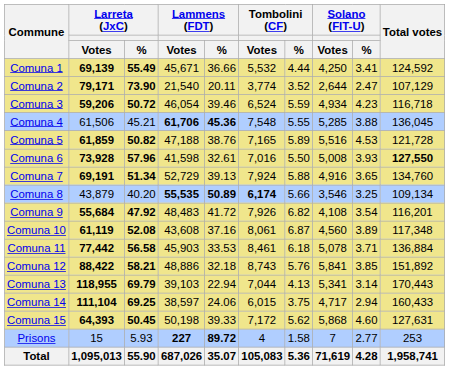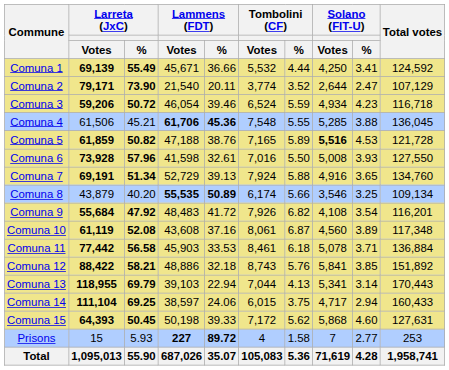 <table class="wikitable sortable" style="text-align: center; font-size: 95%;">
 <tr>
 <th rowspan=3>Commune</th>
 <th colspan=2><a href='#'>Larreta</a><br>(<a href='#'>JxC</a>)</th>
 <th colspan=2><a href='#'>Lammens</a><br>(<a href='#'>FDT</a>)</th>
 <th colspan=2>Tombolini<br>(<a href='#'>CF</a>)</th>
 <th colspan=2><a href='#'>Solano</a><br>(<a href='#'>FIT-U</a>)</th>
 <th rowspan=3>Total votes</th>
 </tr>
 <tr>
 <th colspan=2 style="background:"></th>
 <th colspan=2 style="background:"></th>
 <th colspan=2 style="background:"></th>
 <th colspan=2 style="background:"></th>
 </tr>
 <tr>
 <th>Votes</th>
 <th>%</th>
 <th>Votes</th>
 <th>%</th>
 <th>Votes</th>
 <th>%</th>
 <th>Votes</th>
 <th>%</th>
 </tr>
 <tr bgcolor="khaki">
 <td><a href='#'>Comuna 1</a></td>
 <td><strong>69,139</strong></td>
 <td><strong>55.49</strong></td>
 <td>45,671</td>
 <td>36.66</td>
 <td>5,532</td>
 <td>4.44</td>
 <td>4,250</td>
 <td>3.41</td>
 <td>124,592</td>
 </tr>
 <tr bgcolor="khaki">
 <td><a href='#'>Comuna 2</a></td>
 <td><strong>79,171</strong></td>
 <td><strong>73.90</strong></td>
 <td>21,540</td>
 <td>20.11</td>
 <td>3,774</td>
 <td>3.52</td>
 <td>2,644</td>
 <td>2.47</td>
 <td>107,129</td>
 </tr>
 <tr bgcolor="khaki">
 <td><a href='#'>Comuna 3</a></td>
 <td><strong>59,206</strong></td>
 <td><strong>50.72</strong></td>
 <td>46,054</td>
 <td>39.46</td>
 <td>6,524</td>
 <td>5.59</td>
 <td>4,934</td>
 <td>4.23</td>
 <td>116,718</td>
 </tr>
 <tr bgcolor="#B0CEFF">
 <td><a href='#'>Comuna 4</a></td>
 <td>61,506</td>
 <td>45.21</td>
 <td><strong>61,706</strong></td>
 <td><strong>45.36</strong></td>
 <td>7,548</td>
 <td>5.55</td>
 <td>5,285</td>
 <td>3.88</td>
 <td>136,045</td>
 </tr>
 <tr bgcolor="khaki">
 <td><a href='#'>Comuna 5</a></td>
 <td><strong>61,859</strong></td>
 <td><strong>50.82</strong></td>
 <td>47,188</td>
 <td>38.76</td>
 <td>7,165</td>
 <td>5.89</td>
-<td>5,516</td>
+<td><strong>5,516</strong></td>
 <td>4.53</td>
 <td>121,728</td>
 </tr>
 <tr bgcolor="khaki">
 <td><a href='#'>Comuna 6</a></td>
 <td><strong>73,928</strong></td>
 <td><strong>57.96</strong></td>
 <td>41,598</td>
 <td>32.61</td>
 <td>7,016</td>
 <td>5.50</td>
 <td>5,008</td>
 <td>3.93</td>
-<td><strong>127,550</strong></td>
+<td>127,550</td>
 </tr>
 <tr bgcolor="khaki">
 <td><a href='#'>Comuna 7</a></td>
 <td><strong>69,191</strong></td>
 <td><strong>51.34</strong></td>
 <td>52,729</td>
 <td>39.13</td>
 <td>7,924</td>
 <td>5.88</td>
 <td>4,916</td>
 <td>3.65</td>
 <td>134,760</td>
 </tr>
 <tr bgcolor="#B0CEFF">
 <td><a href='#'>Comuna 8</a></td>
 <td>43,879</td>
 <td>40.20</td>
 <td><strong>55,535</strong></td>
 <td><strong>50.89</strong></td>
-<td><strong>6,174</strong></td>
+<td>6,174</td>
 <td>5.66</td>
 <td>3,546</td>
 <td>3.25</td>
 <td>109,134</td>
 </tr>
 <tr bgcolor="khaki">
 <td><a href='#'>Comuna 9</a></td>
 <td><strong>55,684</strong></td>
 <td><strong>47.92</strong></td>
 <td>48,483</td>
 <td>41.72</td>
 <td>7,926</td>
 <td>6.82</td>
 <td>4,108</td>
 <td>3.54</td>
 <td>116,201</td>
 </tr>
 <tr bgcolor="khaki">
 <td><a href='#'>Comuna 10</a></td>
 <td><strong>61,119</strong></td>
 <td><strong>52.08</strong></td>
 <td>43,608</td>
 <td>37.16</td>
 <td>8,061</td>
 <td>6.87</td>
 <td>4,560</td>
 <td>3.89</td>
 <td>117,348</td>
 </tr>
 <tr bgcolor="khaki">
 <td><a href='#'>Comuna 11</a></td>
 <td><strong>77,442</strong></td>
 <td><strong>56.58</strong></td>
 <td>45,903</td>
 <td>33.53</td>
 <td>8,461</td>
 <td>6.18</td>
 <td>5,078</td>
 <td>3.71</td>
 <td>136,884</td>
 </tr>
 <tr bgcolor="khaki">
 <td><a href='#'>Comuna 12</a></td>
 <td><strong>88,422</strong></td>
 <td><strong>58.21</strong></td>
 <td>48,886</td>
 <td>32.18</td>
 <td>8,743</td>
 <td>5.76</td>
 <td>5,841</td>
 <td>3.85</td>
 <td>151,892</td>
 </tr>
 <tr bgcolor="khaki">
 <td><a href='#'>Comuna 13</a></td>
 <td><strong>118,955</strong></td>
 <td><strong>69.79</strong></td>
 <td>39,103</td>
 <td>22.94</td>
 <td>7,044</td>
 <td>4.13</td>
 <td>5,341</td>
 <td>3.14</td>
 <td>170,443</td>
 </tr>
 <tr bgcolor="khaki">
 <td><a href='#'>Comuna 14</a></td>
 <td><strong>111,104</strong></td>
 <td><strong>69.25</strong></td>
 <td>38,597</td>
 <td>24.06</td>
 <td>6,015</td>
 <td>3.75</td>
 <td>4,717</td>
 <td>2.94</td>
 <td>160,433</td>
 </tr>
 <tr bgcolor="khaki">
 <td><a href='#'>Comuna 15</a></td>
 <td><strong>64,393</strong></td>
 <td><strong>50.45</strong></td>
 <td>50,198</td>
 <td>39.33</td>
 <td>7,172</td>
 <td>5.62</td>
 <td>5,868</td>
 <td>4.60</td>
 <td>127,631</td>
 </tr>
 <tr bgcolor="#B0CEFF">
 <td><a href='#'>Prisons</a></td>
 <td>15</td>
 <td>5.93</td>
 <td><strong>227</strong></td>
 <td><strong>89.72</strong></td>
 <td>4</td>
 <td>1.58</td>
 <td>7</td>
 <td>2.77</td>
 <td>253</td>
 </tr>
 <tr>
 <th>Total</th>
 <th>1,095,013</th>
 <th>55.90</th>
 <th>687,026</th>
 <th>35.07</th>
 <th>105,083</th>
 <th>5.36</th>
 <th>71,619</th>
 <th>4.28</th>
 <th>1,958,741</th>
 </tr>
 </table>
